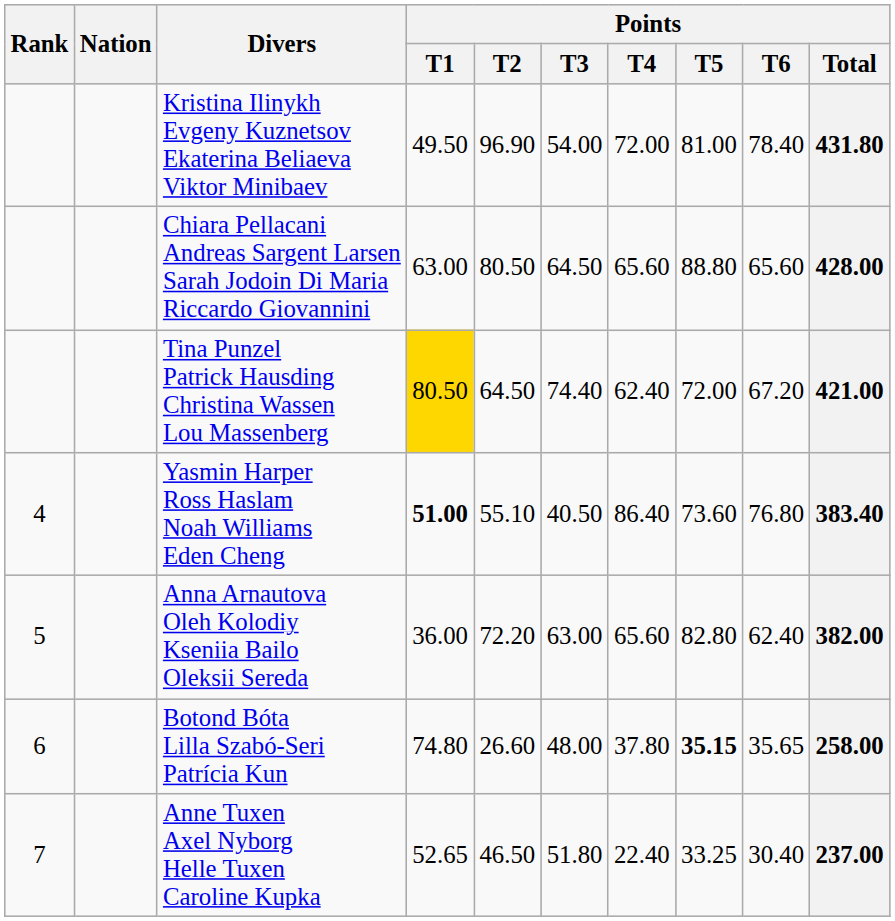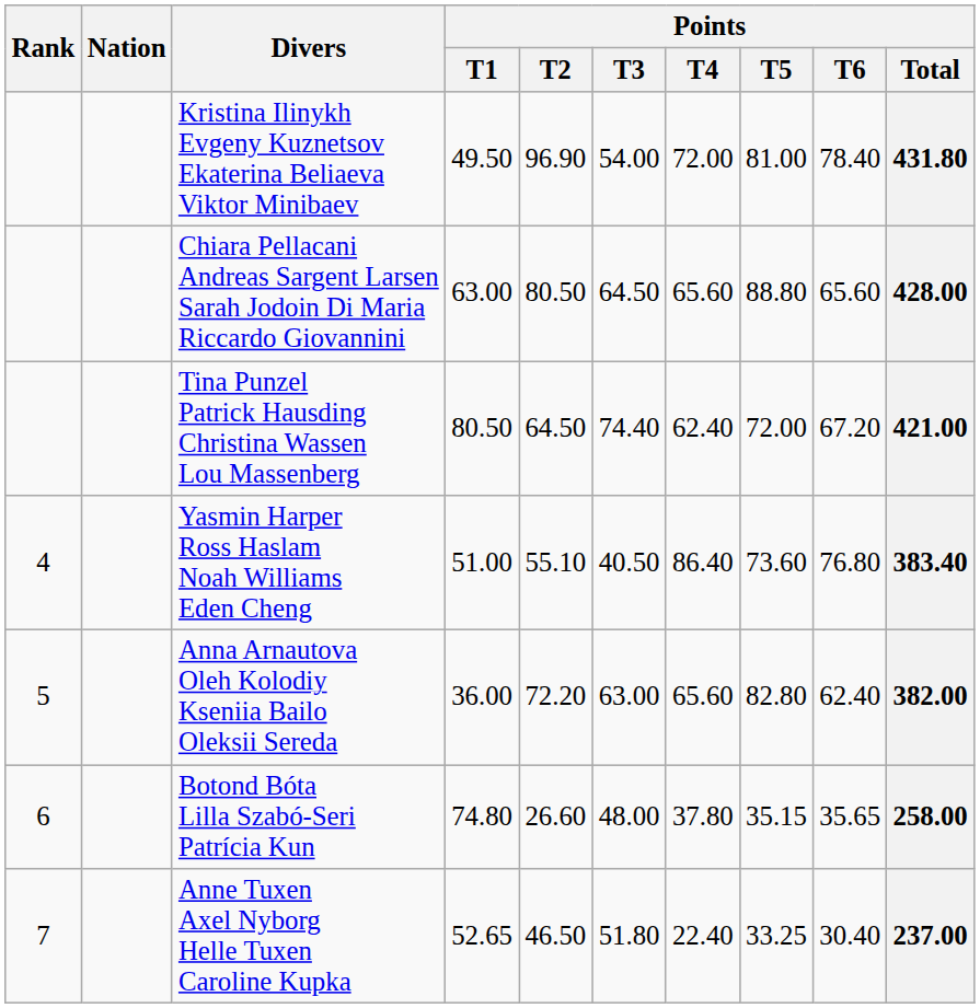 <table class="wikitable" style="text-align:center">
 <tr>
 <th rowspan=2>Rank</th>
 <th rowspan=2>Nation</th>
 <th rowspan=2>Divers</th>
 <th colspan=7>Points</th>
 </tr>
 <tr>
 <th>T1</th>
 <th>T2</th>
 <th>T3</th>
 <th>T4</th>
 <th>T5</th>
 <th>T6</th>
 <th>Total</th>
 </tr>
 <tr>
 <td></td>
 <td align=left></td>
 <td align=left><a href='#'>Kristina Ilinykh</a><br><a href='#'>Evgeny Kuznetsov</a><br><a href='#'>Ekaterina Beliaeva</a><br><a href='#'>Viktor Minibaev</a></td>
 <td>49.50</td>
 <td>96.90</td>
 <td>54.00</td>
 <td>72.00</td>
 <td>81.00</td>
 <td>78.40</td>
 <th>431.80</th>
 </tr>
 <tr>
 <td></td>
 <td align=left></td>
 <td align=left><a href='#'>Chiara Pellacani</a><br><a href='#'>Andreas Sargent Larsen</a><br><a href='#'>Sarah Jodoin Di Maria</a><br><a href='#'>Riccardo Giovannini</a></td>
 <td>63.00</td>
 <td>80.50</td>
 <td>64.50</td>
 <td>65.60</td>
 <td>88.80</td>
 <td>65.60</td>
 <th>428.00</th>
 </tr>
 <tr>
 <td></td>
 <td align=left></td>
 <td align=left><a href='#'>Tina Punzel</a><br><a href='#'>Patrick Hausding</a><br><a href='#'>Christina Wassen</a><br><a href='#'>Lou Massenberg</a></td>
-<td style="background: gold;">80.50</td>
+<td>80.50</td>
 <td>64.50</td>
 <td>74.40</td>
 <td>62.40</td>
 <td>72.00</td>
 <td>67.20</td>
 <th>421.00</th>
 </tr>
 <tr>
 <td>4</td>
 <td align=left></td>
 <td align=left><a href='#'>Yasmin Harper</a><br><a href='#'>Ross Haslam</a><br><a href='#'>Noah Williams</a><br><a href='#'>Eden Cheng</a></td>
-<td><strong>51.00</strong></td>
+<td>51.00</td>
 <td>55.10</td>
 <td>40.50</td>
 <td>86.40</td>
 <td>73.60</td>
 <td>76.80</td>
 <th>383.40</th>
 </tr>
 <tr>
 <td>5</td>
 <td align=left></td>
 <td align=left><a href='#'>Anna Arnautova</a><br><a href='#'>Oleh Kolodiy</a><br><a href='#'>Kseniia Bailo</a><br><a href='#'>Oleksii Sereda</a></td>
 <td>36.00</td>
 <td>72.20</td>
 <td>63.00</td>
 <td>65.60</td>
 <td>82.80</td>
 <td>62.40</td>
 <th>382.00</th>
 </tr>
 <tr>
 <td>6</td>
 <td align=left></td>
 <td align=left><a href='#'>Botond Bóta</a><br><a href='#'>Lilla Szabó-Seri</a><br><a href='#'>Patrícia Kun</a></td>
 <td>74.80</td>
 <td>26.60</td>
 <td>48.00</td>
 <td>37.80</td>
-<td><strong>35.15</strong></td>
+<td>35.15</td>
 <td>35.65</td>
 <th>258.00</th>
 </tr>
 <tr>
 <td>7</td>
 <td align=left></td>
 <td align=left><a href='#'>Anne Tuxen</a><br><a href='#'>Axel Nyborg</a><br><a href='#'>Helle Tuxen</a><br><a href='#'>Caroline Kupka</a></td>
 <td>52.65</td>
 <td>46.50</td>
 <td>51.80</td>
 <td>22.40</td>
 <td>33.25</td>
 <td>30.40</td>
 <th>237.00</th>
 </tr>
 </table>
